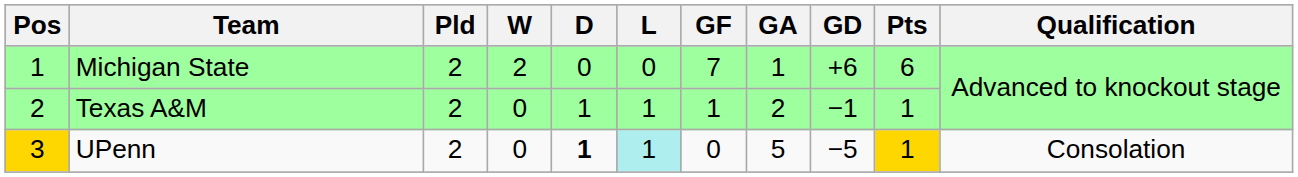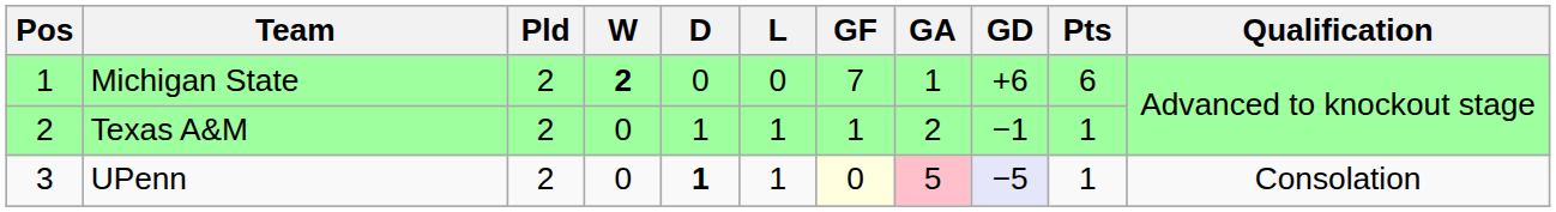 <table class="wikitable" style="text-align:center; margin: 1em auto">
 <tr>
 <th style="width:2em">Pos</th>
 <th style="width:13em">Team</th>
 <th style="width:2em">Pld</th>
 <th style="width:2em">W</th>
 <th style="width:2em">D</th>
 <th style="width:2em">L</th>
 <th style="width:2em">GF</th>
 <th style="width:2em">GA</th>
 <th style="width:2em">GD</th>
 <th style="width:2em">Pts</th>
 <th style="width:13em">Qualification</th>
 </tr>
 <tr bgcolor="#9eff9e">
 <td>1</td>
 <td style="text-align:left">Michigan State</td>
 <td>2</td>
-<td>2</td>
+<td><strong>2</strong></td>
 <td>0</td>
 <td>0</td>
 <td>7</td>
 <td>1</td>
 <td>+6</td>
 <td>6</td>
 <td rowspan="2">Advanced to knockout stage</td>
 </tr>
 <tr bgcolor="#9eff9e">
 <td>2</td>
 <td style="text-align:left">Texas A&M</td>
 <td>2</td>
 <td>0</td>
 <td>1</td>
 <td>1</td>
 <td>1</td>
 <td>2</td>
 <td>−1</td>
 <td>1</td>
 </tr>
 <tr>
-<td style="background: gold;">3</td>
+<td>3</td>
 <td style="text-align:left">UPenn</td>
 <td>2</td>
 <td>0</td>
 <td><strong>1</strong></td>
-<td style="background: paleturquoise;">1</td>
-<td>0</td>
-<td>5</td>
-<td>−5</td>
-<td style="background: gold;">1</td>
+<td>1</td>
+<td style="background: lightyellow;">0</td>
+<td style="background: pink;">5</td>
+<td style="background: lavender;">−5</td>
+<td>1</td>
 <td>Consolation</td>
 </tr>
 </table>
